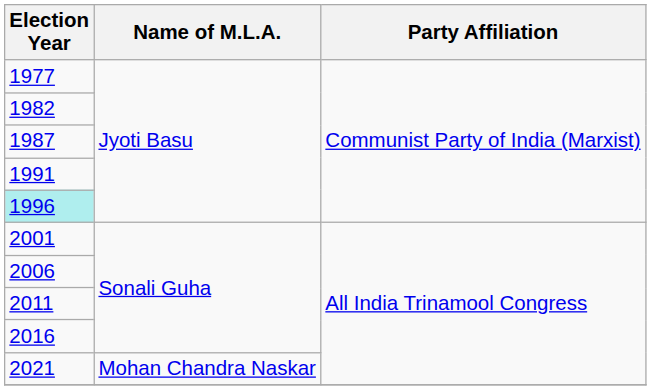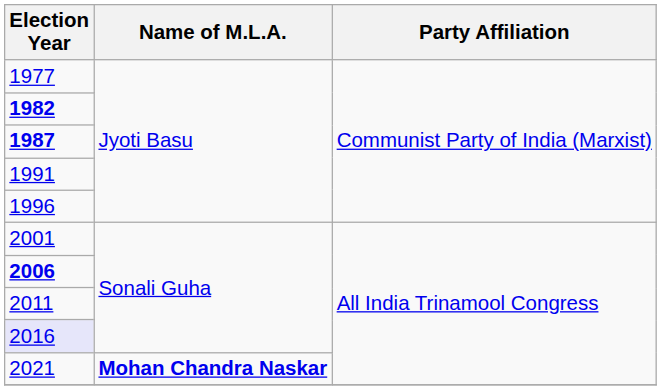 <table class="wikitable sortable">
 <tr>
 <th>Election<br> Year</th>
 <th>Name of M.L.A.</th>
 <th>Party Affiliation</th>
 </tr>
 <tr>
 <td><a href='#'>1977</a></td>
 <td rowspan=5><a href='#'>Jyoti Basu</a></td>
 <td rowspan=5><a href='#'>Communist Party of India (Marxist)</a></td>
 </tr>
 <tr>
-<td><a href='#'>1982</a></td>
+<td><strong><a href='#'>1982</a></strong></td>
 </tr>
 <tr>
-<td><a href='#'>1987</a></td>
+<td><strong><a href='#'>1987</a></strong></td>
 </tr>
 <tr>
 <td><a href='#'>1991</a></td>
 </tr>
 <tr>
-<td style="background: paleturquoise;"><a href='#'>1996</a></td>
+<td><a href='#'>1996</a></td>
 </tr>
 <tr>
 <td><a href='#'>2001</a></td>
 <td rowspan=4><a href='#'>Sonali Guha</a></td>
 <td rowspan=5><a href='#'>All India Trinamool Congress</a></td>
 </tr>
 <tr>
-<td><a href='#'>2006</a></td>
+<td><strong><a href='#'>2006</a></strong></td>
 </tr>
 <tr>
 <td><a href='#'>2011</a></td>
 </tr>
 <tr>
-<td><a href='#'>2016</a></td>
+<td style="background: lavender;"><a href='#'>2016</a></td>
 </tr>
 <tr>
 <td><a href='#'>2021</a></td>
-<td><a href='#'>Mohan Chandra Naskar</a></td>
+<td><strong><a href='#'>Mohan Chandra Naskar</a></strong></td>
 </tr>
 <tr>
 </tr>
 </table>
